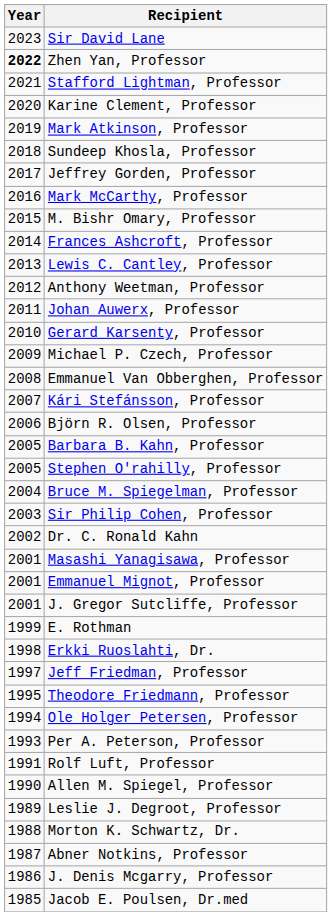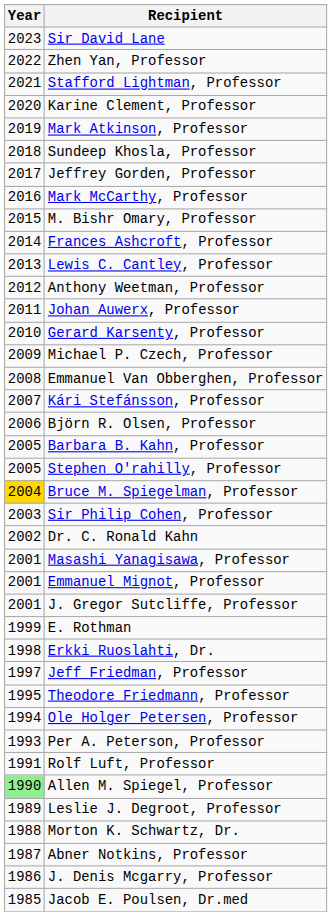 <table class="wikitable">
 <tr>
 <th>Year</th>
 <th>Recipient</th>
 </tr>
 <tr>
 <td>2023</td>
 <td><a href='#'>Sir David Lane</a></td>
 </tr>
 <tr>
-<td><strong>2022</strong></td>
+<td>2022</td>
 <td>Zhen Yan, Professor</td>
 </tr>
 <tr>
 <td>2021</td>
 <td><a href='#'>Stafford Lightman</a>, Professor</td>
 </tr>
 <tr>
 <td>2020</td>
 <td>Karine Clement, Professor</td>
 </tr>
 <tr>
 <td>2019</td>
 <td><a href='#'>Mark Atkinson</a>, Professor</td>
 </tr>
 <tr>
 <td>2018</td>
 <td>Sundeep Khosla, Professor</td>
 </tr>
 <tr>
 <td>2017</td>
 <td>Jeffrey Gorden, Professor</td>
 </tr>
 <tr>
 <td>2016</td>
 <td><a href='#'>Mark McCarthy</a>, Professor</td>
 </tr>
 <tr>
 <td>2015</td>
 <td>M. Bishr Omary, Professor</td>
 </tr>
 <tr>
 <td>2014</td>
 <td><a href='#'>Frances Ashcroft</a>, Professor</td>
 </tr>
 <tr>
 <td>2013</td>
 <td><a href='#'>Lewis C. Cantley</a>, Professor</td>
 </tr>
 <tr>
 <td>2012</td>
 <td>Anthony Weetman, Professor</td>
 </tr>
 <tr>
 <td>2011</td>
 <td><a href='#'>Johan Auwerx</a>, Professor</td>
 </tr>
 <tr>
 <td>2010</td>
 <td><a href='#'>Gerard Karsenty</a>, Professor</td>
 </tr>
 <tr>
 <td>2009</td>
 <td>Michael P. Czech, Professor</td>
 </tr>
 <tr>
 <td>2008</td>
 <td>Emmanuel Van Obberghen, Professor</td>
 </tr>
 <tr>
 <td>2007</td>
 <td><a href='#'>Kári Stefánsson</a>, Professor</td>
 </tr>
 <tr>
 <td>2006</td>
 <td>Björn R. Olsen, Professor</td>
 </tr>
 <tr>
 <td>2005</td>
 <td><a href='#'>Barbara B. Kahn</a>, Professor</td>
 </tr>
 <tr>
 <td>2005</td>
 <td><a href='#'>Stephen O'rahilly</a>, Professor</td>
 </tr>
 <tr>
-<td>2004</td>
+<td style="background: gold;">2004</td>
 <td><a href='#'>Bruce M. Spiegelman</a>, Professor</td>
 </tr>
 <tr>
 <td>2003</td>
 <td><a href='#'>Sir Philip Cohen</a>, Professor</td>
 </tr>
 <tr>
 <td>2002</td>
 <td>Dr. C. Ronald Kahn</td>
 </tr>
 <tr>
 <td>2001</td>
 <td><a href='#'>Masashi Yanagisawa</a>, Professor</td>
 </tr>
 <tr>
 <td>2001</td>
 <td><a href='#'>Emmanuel Mignot</a>, Professor</td>
 </tr>
 <tr>
 <td>2001</td>
 <td>J. Gregor Sutcliffe, Professor</td>
 </tr>
 <tr>
 <td>1999</td>
 <td>E. Rothman</td>
 </tr>
 <tr>
 <td>1998</td>
 <td><a href='#'>Erkki Ruoslahti</a>, Dr.</td>
 </tr>
 <tr>
 <td>1997</td>
 <td><a href='#'>Jeff Friedman</a>, Professor</td>
 </tr>
 <tr>
 <td>1995</td>
 <td><a href='#'>Theodore Friedmann</a>, Professor</td>
 </tr>
 <tr>
 <td>1994</td>
 <td><a href='#'>Ole Holger Petersen</a>, Professor</td>
 </tr>
 <tr>
 <td>1993</td>
 <td>Per A. Peterson, Professor</td>
 </tr>
 <tr>
 <td>1991</td>
 <td>Rolf Luft, Professor</td>
 </tr>
 <tr>
-<td>1990</td>
+<td style="background: lightgreen;">1990</td>
 <td>Allen M. Spiegel, Professor</td>
 </tr>
 <tr>
 <td>1989</td>
 <td>Leslie J. Degroot, Professor</td>
 </tr>
 <tr>
 <td>1988</td>
 <td>Morton K. Schwartz, Dr.</td>
 </tr>
 <tr>
 <td>1987</td>
 <td>Abner Notkins, Professor</td>
 </tr>
 <tr>
 <td>1986</td>
 <td>J. Denis Mcgarry, Professor</td>
 </tr>
 <tr>
 <td>1985</td>
 <td>Jacob E. Poulsen, Dr.med</td>
 </tr>
 </table>
